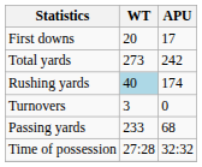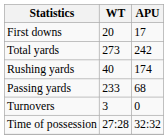 <table class="wikitable">
 <tr>
 <th>Statistics</th>
 <th>WT</th>
 <th>APU</th>
 </tr>
 <tr>
 <td>First downs</td>
 <td>20</td>
 <td>17</td>
 </tr>
 <tr>
 <td>Total yards</td>
 <td>273</td>
 <td>242</td>
 </tr>
 <tr>
 <td>Rushing yards</td>
-<td style="background: lightblue;">40</td>
+<td>40</td>
 <td>174</td>
+</tr>
+<tr>
+<td>Passing yards</td>
+<td>233</td>
+<td>68</td>
 </tr>
 <tr>
 <td>Turnovers</td>
 <td>3</td>
 <td>0</td>
-</tr>
-<tr>
-<td>Passing yards</td>
-<td>233</td>
-<td>68</td>
 </tr>
 <tr>
 <td>Time of possession</td>
 <td>27:28</td>
 <td>32:32</td>
 </tr>
 <tr>
 </tr>
 </table>
